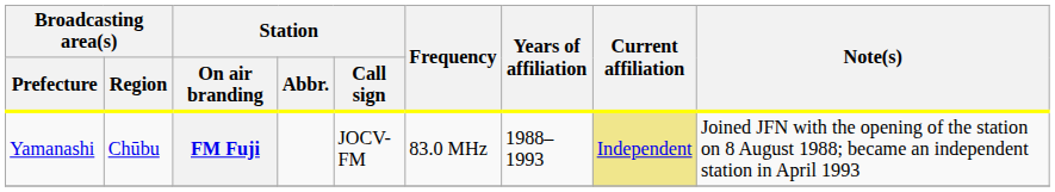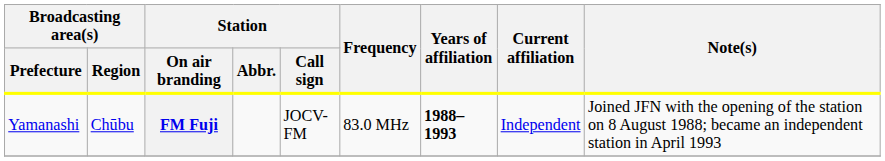 <table class="wikitable sortable">
 <tr>
 <th colspan="2">Broadcasting area(s)</th>
 <th colspan="3">Station</th>
 <th rowspan="2" style="border-bottom:3px solid yellow;">Frequency</th>
 <th rowspan="2" style="border-bottom:3px solid yellow;">Years of<br>affiliation</th>
 <th rowspan="2" style="border-bottom:3px solid yellow;">Current<br>affiliation</th>
 <th rowspan="2" style="border-bottom:3px solid yellow;">Note(s)</th>
 </tr>
 <tr>
 <th style="border-bottom:3px solid yellow;">Prefecture</th>
 <th style="border-bottom:3px solid yellow;">Region</th>
 <th style="border-bottom:3px solid yellow;">On air branding</th>
 <th style="border-bottom:3px solid yellow;">Abbr.</th>
 <th style="border-bottom:3px solid yellow;">Call sign</th>
 </tr>
 <tr>
 <td><a href='#'>Yamanashi</a></td>
 <td><a href='#'>Chūbu</a></td>
 <th><a href='#'>FM Fuji</a></th>
 <td></td>
 <td>JOCV-FM</td>
 <td>83.0 MHz</td>
-<td>1988–1993</td>
-<td style="background: khaki;"><a href='#'>Independent</a></td>
+<td><strong>1988–1993</strong></td>
+<td><a href='#'>Independent</a></td>
 <td>Joined JFN with the opening of the station on 8 August 1988; became an independent station in April 1993</td>
 </tr>
 <tr>
 </tr>
 </table>
